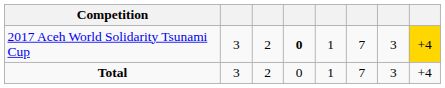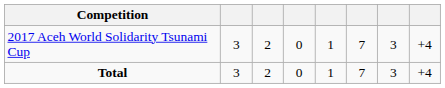 <table class="wikitable" style="text-align: center;">
 <tr>
 <th width=250>Competition</th>
 <th width=30></th>
 <th width=30></th>
 <th width=30></th>
 <th width=30></th>
 <th width=30></th>
 <th width=30></th>
 <th width=30></th>
 </tr>
 <tr>
 <td align=left><a href='#'>2017 Aceh World Solidarity Tsunami Cup</a></td>
 <td>3</td>
 <td>2</td>
-<td><strong>0</strong></td>
+<td>0</td>
 <td>1</td>
 <td>7</td>
 <td>3</td>
-<td style="background: gold;">+4</td>
+<td>+4</td>
 </tr>
 <tr>
 <td><strong>Total</strong></td>
 <td>3</td>
 <td>2</td>
 <td>0</td>
 <td>1</td>
 <td>7</td>
 <td>3</td>
 <td>+4</td>
 </tr>
 </table>
